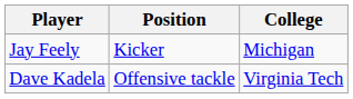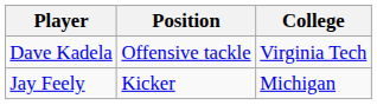 <table class="wikitable">
 <tr>
 <th>Player</th>
 <th>Position</th>
 <th>College</th>
 </tr>
 <tr>
+<td><a href='#'>Dave Kadela</a></td>
+<td><a href='#'>Offensive tackle</a></td>
+<td><a href='#'>Virginia Tech</a></td>
+</tr>
+<tr>
 <td><a href='#'>Jay Feely</a></td>
 <td><a href='#'>Kicker</a></td>
 <td><a href='#'>Michigan</a></td>
 </tr>
-<tr>
-<td><a href='#'>Dave Kadela</a></td>
-<td><a href='#'>Offensive tackle</a></td>
-<td><a href='#'>Virginia Tech</a></td>
-</tr>
 </table>
